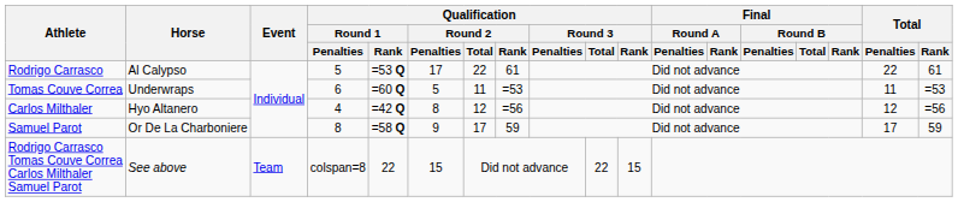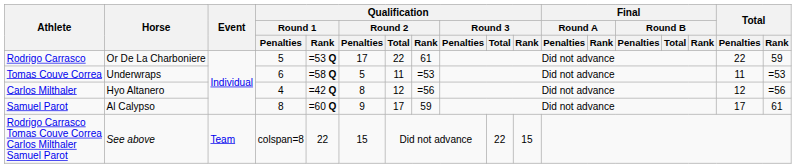 <table class="wikitable" style="font-size:90%">
 <tr>
 <th rowspan="3">Athlete</th>
 <th rowspan="3">Horse</th>
 <th rowspan="3">Event</th>
 <th colspan="8">Qualification</th>
 <th colspan="5">Final</th>
 <th rowspan=2 colspan="2">Total</th>
 </tr>
 <tr style="font-size:95%">
 <th colspan="2">Round 1</th>
 <th colspan="3">Round 2</th>
 <th colspan="3">Round 3</th>
 <th colspan="2">Round A</th>
 <th colspan="3">Round B</th>
 </tr>
 <tr style="font-size:95%">
 <th>Penalties</th>
 <th>Rank</th>
 <th>Penalties</th>
 <th>Total</th>
 <th>Rank</th>
 <th>Penalties</th>
 <th>Total</th>
 <th>Rank</th>
 <th>Penalties</th>
 <th>Rank</th>
 <th>Penalties</th>
 <th>Total</th>
 <th>Rank</th>
 <th>Penalties</th>
 <th>Rank</th>
 </tr>
 <tr align=center>
 <td align=left><a href='#'>Rodrigo Carrasco</a></td>
-<td align=left>Al Calypso</td>
+<td align=left>Or De La Charboniere</td>
 <td align=left rowspan=4><a href='#'>Individual</a></td>
 <td>5</td>
 <td>=53 <strong>Q</strong></td>
 <td>17</td>
 <td>22</td>
 <td>61</td>
 <td colspan=8>Did not advance</td>
 <td>22</td>
-<td>61</td>
+<td>59</td>
 </tr>
 <tr align=center>
 <td align=left><a href='#'>Tomas Couve Correa</a></td>
 <td align=left>Underwraps</td>
 <td>6</td>
-<td>=60 <strong>Q</strong></td>
+<td>=58 <strong>Q</strong></td>
 <td>5</td>
 <td>11</td>
 <td>=53</td>
 <td colspan=8>Did not advance</td>
 <td>11</td>
 <td>=53</td>
 </tr>
 <tr align=center>
 <td align=left><a href='#'>Carlos Milthaler</a></td>
 <td align=left>Hyo Altanero</td>
 <td>4</td>
 <td>=42 <strong>Q</strong></td>
 <td>8</td>
 <td>12</td>
 <td>=56</td>
 <td colspan=8>Did not advance</td>
 <td>12</td>
 <td>=56</td>
 </tr>
 <tr align=center>
 <td align=left><a href='#'>Samuel Parot</a></td>
-<td align=left>Or De La Charboniere</td>
+<td align=left>Al Calypso</td>
 <td>8</td>
-<td>=58 <strong>Q</strong></td>
+<td>=60 <strong>Q</strong></td>
 <td>9</td>
 <td>17</td>
 <td>59</td>
 <td colspan=8>Did not advance</td>
 <td>17</td>
-<td>59</td>
+<td>61</td>
 </tr>
 <tr align=center>
 <td align=left><a href='#'>Rodrigo Carrasco</a><br><a href='#'>Tomas Couve Correa</a><br><a href='#'>Carlos Milthaler</a><br><a href='#'>Samuel Parot</a></td>
 <td align=left><em>See above</em></td>
 <td align=left><a href='#'>Team</a></td>
 <td>colspan=8 </td>
 <td>22</td>
 <td>15</td>
 <td colspan=3>Did not advance</td>
 <td>22</td>
 <td>15</td>
 </tr>
 </table>
